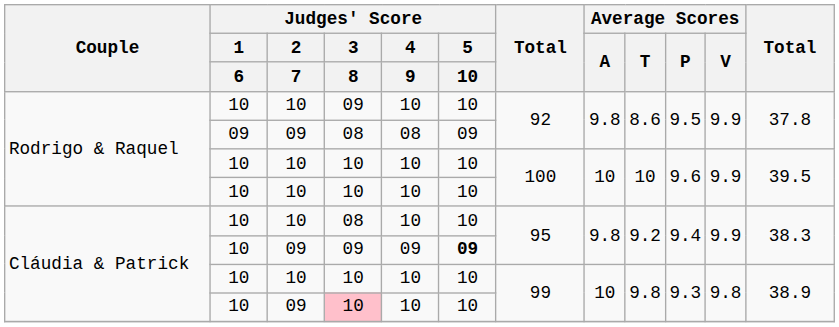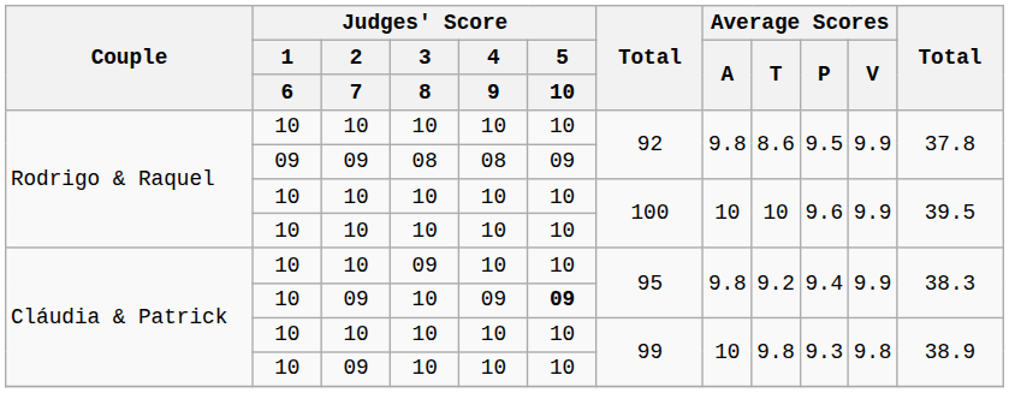 <table class="wikitable" style="text-align:center;">
 <tr>
 <th rowspan=3 width="150">Couple</th>
 <th colspan=5 width="180">Judges' Score</th>
 <th rowspan=3 width="060">Total</th>
 <th colspan=4 width="160">Average Scores</th>
 <th rowspan=3 width="060">Total</th>
 </tr>
 <tr>
 <th width="37">1</th>
 <th width="37">2</th>
 <th width="37">3</th>
 <th width="37">4</th>
 <th width="37">5</th>
 <th rowspan=2>A</th>
 <th rowspan=2>T</th>
 <th rowspan=2>P</th>
 <th rowspan=2>V</th>
 </tr>
 <tr>
 <th width="37">6</th>
 <th width="37">7</th>
 <th width="37">8</th>
 <th width="37">9</th>
 <th width="37">10</th>
 </tr>
 <tr>
 <td rowspan=4 align="left">Rodrigo & Raquel</td>
 <td>10</td>
 <td>10</td>
-<td>09</td>
+<td>10</td>
 <td>10</td>
 <td>10</td>
 <td rowspan=2>92</td>
 <td rowspan=2>9.8</td>
 <td rowspan=2>8.6</td>
 <td rowspan=2>9.5</td>
 <td rowspan=2>9.9</td>
 <td rowspan=2>37.8</td>
 </tr>
 <tr>
 <td>09</td>
 <td>09</td>
 <td>08</td>
 <td>08</td>
 <td>09</td>
 </tr>
 <tr>
 <td>10</td>
 <td>10</td>
 <td>10</td>
 <td>10</td>
 <td>10</td>
 <td rowspan=2>100</td>
 <td rowspan=2>10</td>
 <td rowspan=2>10</td>
 <td rowspan=2>9.6</td>
 <td rowspan=2>9.9</td>
 <td rowspan=2>39.5</td>
 </tr>
 <tr>
 <td>10</td>
 <td>10</td>
 <td>10</td>
 <td>10</td>
 <td>10</td>
 </tr>
 <tr>
 <td rowspan=4 align="left">Cláudia & Patrick</td>
 <td>10</td>
 <td>10</td>
-<td>08</td>
+<td>09</td>
 <td>10</td>
 <td>10</td>
 <td rowspan=2>95</td>
 <td rowspan=2>9.8</td>
 <td rowspan=2>9.2</td>
 <td rowspan=2>9.4</td>
 <td rowspan=2>9.9</td>
 <td rowspan=2>38.3</td>
 </tr>
 <tr>
 <td>10</td>
 <td>09</td>
-<td>09</td>
+<td>10</td>
 <td>09</td>
 <td><strong>09</strong></td>
 </tr>
 <tr>
 <td>10</td>
 <td>10</td>
 <td>10</td>
 <td>10</td>
 <td>10</td>
 <td rowspan=2>99</td>
 <td rowspan=2>10</td>
 <td rowspan=2>9.8</td>
 <td rowspan=2>9.3</td>
 <td rowspan=2>9.8</td>
 <td rowspan=2>38.9</td>
 </tr>
 <tr>
 <td>10</td>
 <td>09</td>
-<td style="background: pink;">10</td>
+<td>10</td>
 <td>10</td>
 <td>10</td>
 </tr>
 <tr>
 </tr>
 </table>
